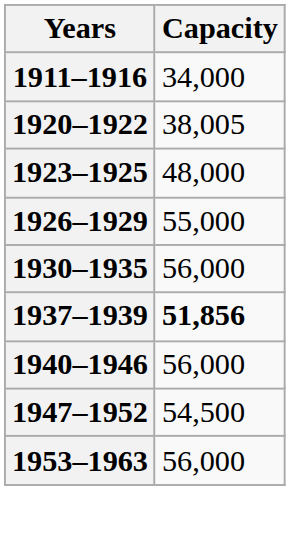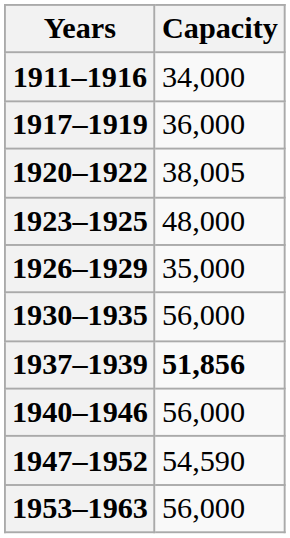 <table class="wikitable">
 <tr>
 <th scope="row">Years</th>
 <th scope="row">Capacity</th>
 </tr>
 <tr>
 <th scope="row">1911–1916</th>
 <td>34,000</td>
+</tr>
+<tr>
+<th scope="row">1917–1919</th>
+<td>36,000</td>
 </tr>
 <tr>
 <th scope="row">1920–1922</th>
 <td>38,005</td>
 </tr>
 <tr>
 <th scope="row">1923–1925</th>
 <td>48,000</td>
 </tr>
 <tr>
 <th scope="row">1926–1929</th>
-<td>55,000</td>
+<td>35,000</td>
 </tr>
 <tr>
 <th scope="row">1930–1935</th>
 <td>56,000</td>
 </tr>
 <tr>
 <th scope="row">1937–1939</th>
 <td><strong>51,856</strong></td>
 </tr>
 <tr>
 <th scope="row">1940–1946</th>
 <td>56,000</td>
 </tr>
 <tr>
 <th scope="row">1947–1952</th>
-<td>54,500</td>
+<td>54,590</td>
 </tr>
 <tr>
 <th scope="row">1953–1963</th>
 <td>56,000</td>
 </tr>
 </table>
